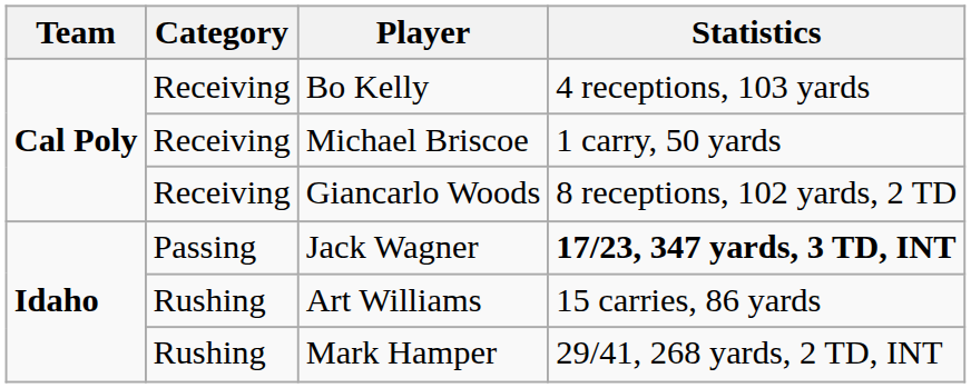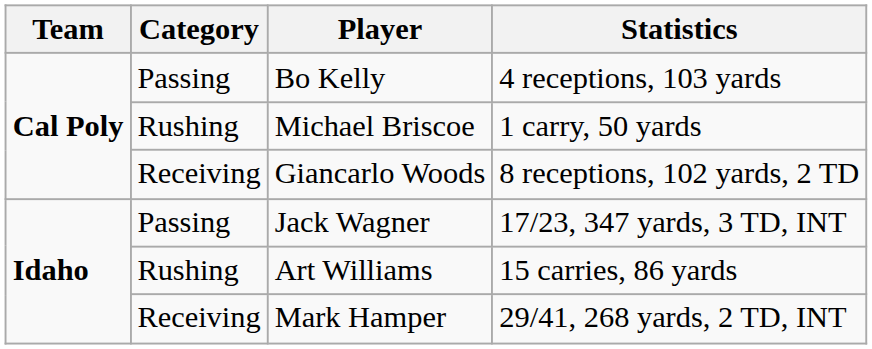 <table class="wikitable" style="float: right;">
 <tr>
 <th>Team</th>
 <th>Category</th>
 <th>Player</th>
 <th>Statistics</th>
 </tr>
 <tr>
 <td rowspan=3><strong>Cal Poly</strong></td>
-<td>Receiving</td>
+<td>Passing</td>
 <td>Bo Kelly</td>
 <td>4 receptions, 103 yards</td>
 </tr>
 <tr>
-<td>Receiving</td>
+<td>Rushing</td>
 <td>Michael Briscoe</td>
 <td>1 carry, 50 yards</td>
 </tr>
 <tr>
 <td>Receiving</td>
 <td>Giancarlo Woods</td>
 <td>8 receptions, 102 yards, 2 TD</td>
 </tr>
 <tr>
 <td rowspan=3><strong>Idaho</strong></td>
 <td>Passing</td>
 <td>Jack Wagner</td>
-<td><strong>17/23, 347 yards, 3 TD, INT</strong></td>
+<td>17/23, 347 yards, 3 TD, INT</td>
 </tr>
 <tr>
 <td>Rushing</td>
 <td>Art Williams</td>
 <td>15 carries, 86 yards</td>
 </tr>
 <tr>
-<td>Rushing</td>
+<td>Receiving</td>
 <td>Mark Hamper</td>
 <td>29/41, 268 yards, 2 TD, INT</td>
 </tr>
 </table>
